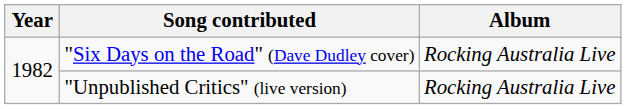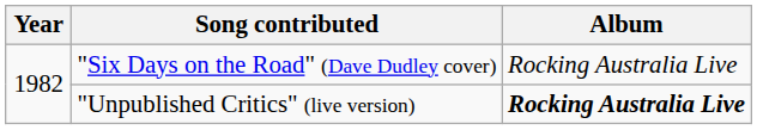 <table class="wikitable">
 <tr>
 <th style="width:35px;">Year</th>
 <th>Song contributed</th>
 <th>Album</th>
 </tr>
 <tr>
 <td style="text-align:center;" rowspan="2">1982</td>
 <td>"<a href='#'>Six Days on the Road</a>" <small>(<a href='#'>Dave Dudley</a> cover)</small></td>
 <td><em>Rocking Australia Live</em></td>
 </tr>
 <tr>
 <td>"Unpublished Critics" <small>(live version)</small></td>
-<td><em>Rocking Australia Live</em></td>
+<td><strong><em>Rocking Australia Live</em></strong></td>
 </tr>
 </table>
